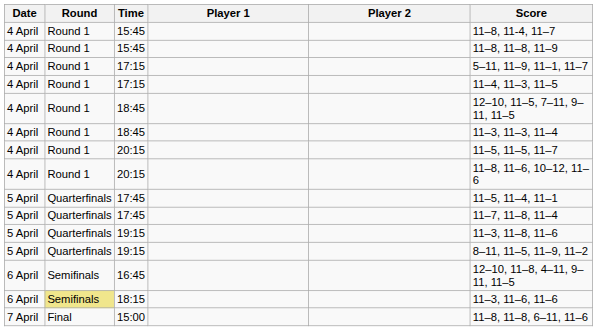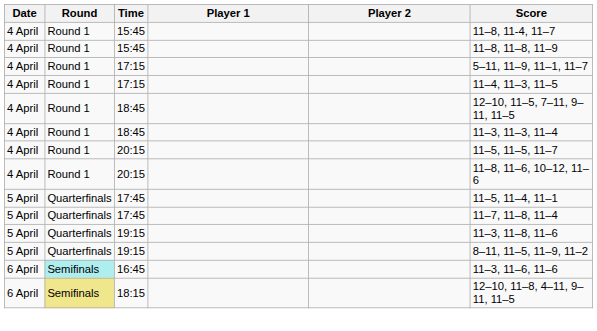 <table class="sortable wikitable" style="font-size:90%">
 <tr>
 <th width="45" class="unsortable">Date</th>
 <th width="55">Round</th>
 <th width="30">Time</th>
 <th width="200">Player 1</th>
 <th width="200">Player 2</th>
 <th width="150" class="unsortable">Score</th>
 </tr>
 <tr>
 <td>4 April</td>
 <td>Round 1</td>
 <td>15:45</td>
 <td><strong></strong></td>
 <td></td>
 <td>11–8, 11-4, 11–7</td>
 </tr>
 <tr>
 <td>4 April</td>
 <td>Round 1</td>
 <td>15:45</td>
 <td></td>
 <td><strong></strong></td>
 <td>11–8, 11–8, 11–9</td>
 </tr>
 <tr>
 <td>4 April</td>
 <td>Round 1</td>
 <td>17:15</td>
 <td><strong></strong></td>
 <td></td>
 <td>5–11, 11–9, 11–1, 11–7</td>
 </tr>
 <tr>
 <td>4 April</td>
 <td>Round 1</td>
 <td>17:15</td>
 <td></td>
 <td><strong></strong></td>
 <td>11–4, 11–3, 11–5</td>
 </tr>
 <tr>
 <td>4 April</td>
 <td>Round 1</td>
 <td>18:45</td>
 <td><strong></strong></td>
 <td></td>
 <td>12–10, 11–5, 7–11, 9–11, 11–5</td>
 </tr>
 <tr>
 <td>4 April</td>
 <td>Round 1</td>
 <td>18:45</td>
 <td></td>
 <td><strong></strong></td>
 <td>11–3, 11–3, 11–4</td>
 </tr>
 <tr>
 <td>4 April</td>
 <td>Round 1</td>
 <td>20:15</td>
 <td><strong></strong></td>
 <td></td>
 <td>11–5, 11–5, 11–7</td>
 </tr>
 <tr>
 <td>4 April</td>
 <td>Round 1</td>
 <td>20:15</td>
 <td></td>
 <td><strong></strong></td>
 <td>11–8, 11–6, 10–12, 11–6</td>
 </tr>
 <tr>
 <td>5 April</td>
 <td>Quarterfinals</td>
 <td>17:45</td>
 <td><strong></strong></td>
 <td></td>
 <td>11–5, 11–4, 11–1</td>
 </tr>
 <tr>
 <td>5 April</td>
 <td>Quarterfinals</td>
 <td>17:45</td>
 <td><strong></strong></td>
 <td></td>
 <td>11–7, 11–8, 11–4</td>
 </tr>
 <tr>
 <td>5 April</td>
 <td>Quarterfinals</td>
 <td>19:15</td>
 <td></td>
 <td><strong></strong></td>
 <td>11–3, 11–8, 11–6</td>
 </tr>
 <tr>
 <td>5 April</td>
 <td>Quarterfinals</td>
 <td>19:15</td>
 <td></td>
 <td><strong></strong></td>
 <td>8–11, 11–5, 11–9, 11–2</td>
 </tr>
 <tr>
 <td>6 April</td>
-<td>Semifinals</td>
+<td style="background: paleturquoise;">Semifinals</td>
 <td>16:45</td>
 <td><strong></strong></td>
 <td></td>
-<td>12–10, 11–8, 4–11, 9–11, 11–5</td>
+<td>11–3, 11–6, 11–6</td>
 </tr>
 <tr>
 <td>6 April</td>
 <td style="background: khaki;">Semifinals</td>
 <td>18:15</td>
 <td><strong></strong></td>
 <td></td>
-<td>11–3, 11–6, 11–6</td>
-</tr>
-<tr>
-<td>7 April</td>
-<td>Final</td>
-<td>15:00</td>
-<td><strong></strong></td>
-<td></td>
-<td>11–8, 11–8, 6–11, 11–6</td>
+<td>12–10, 11–8, 4–11, 9–11, 11–5</td>
 </tr>
 </table>
